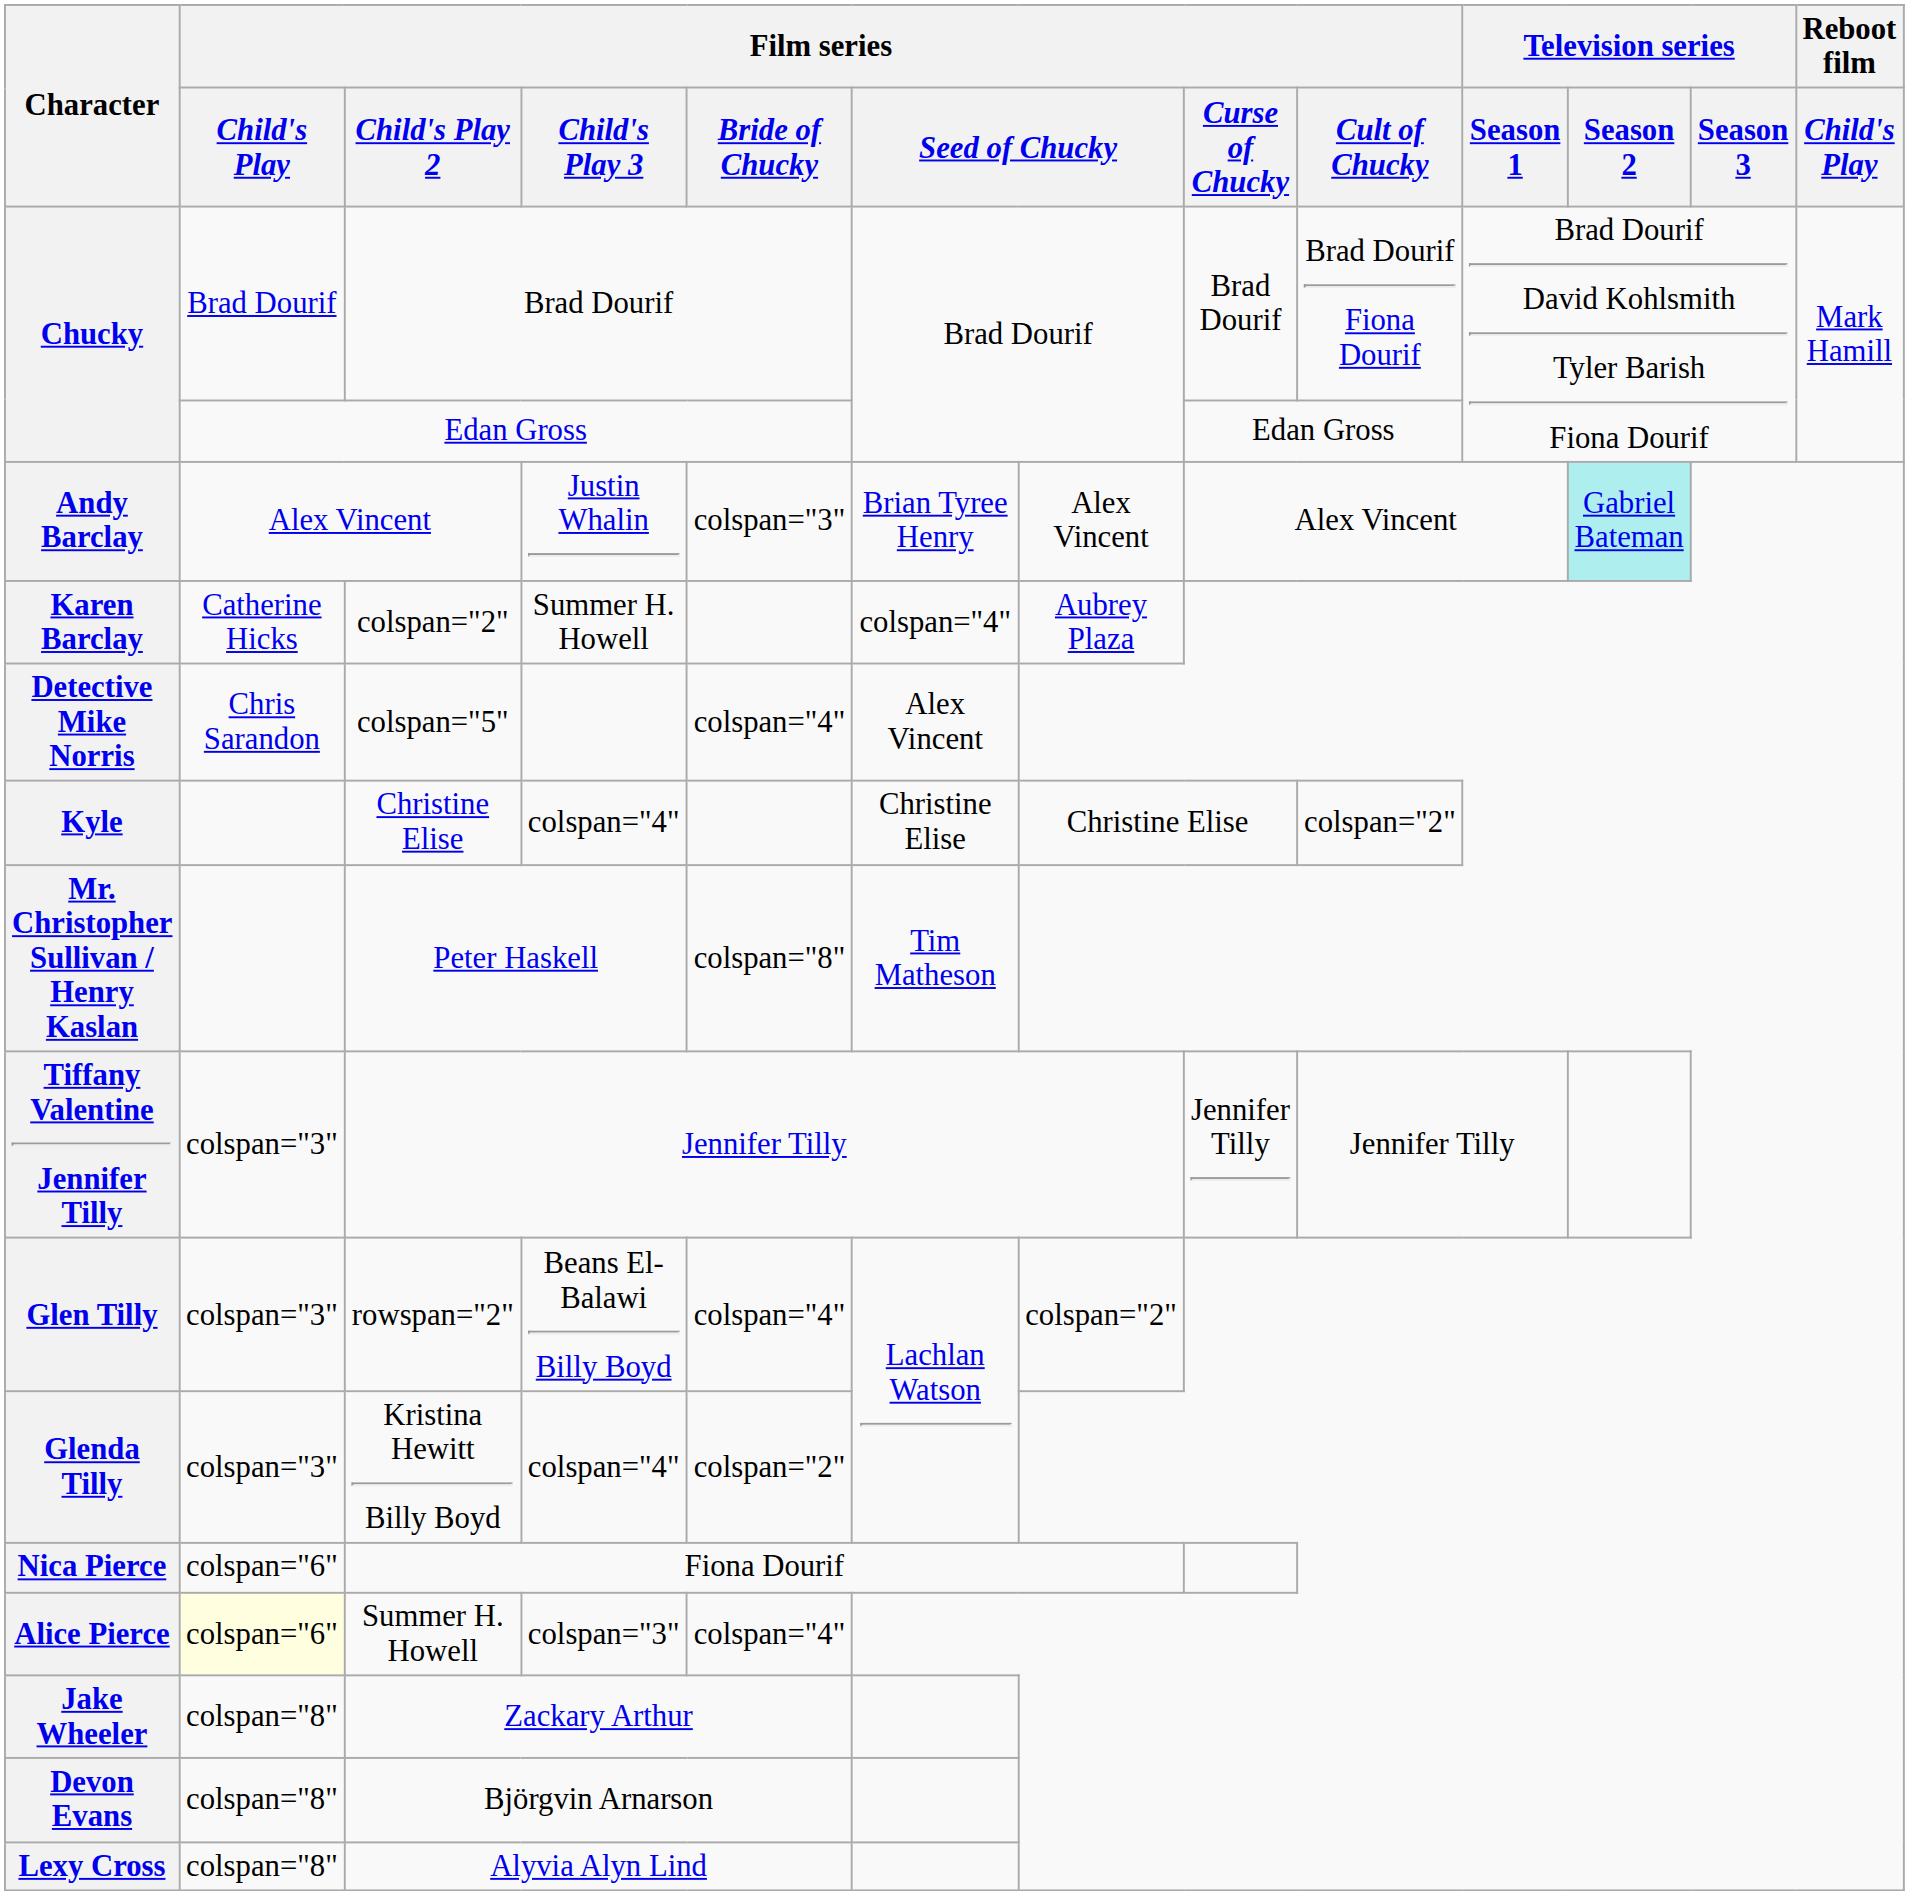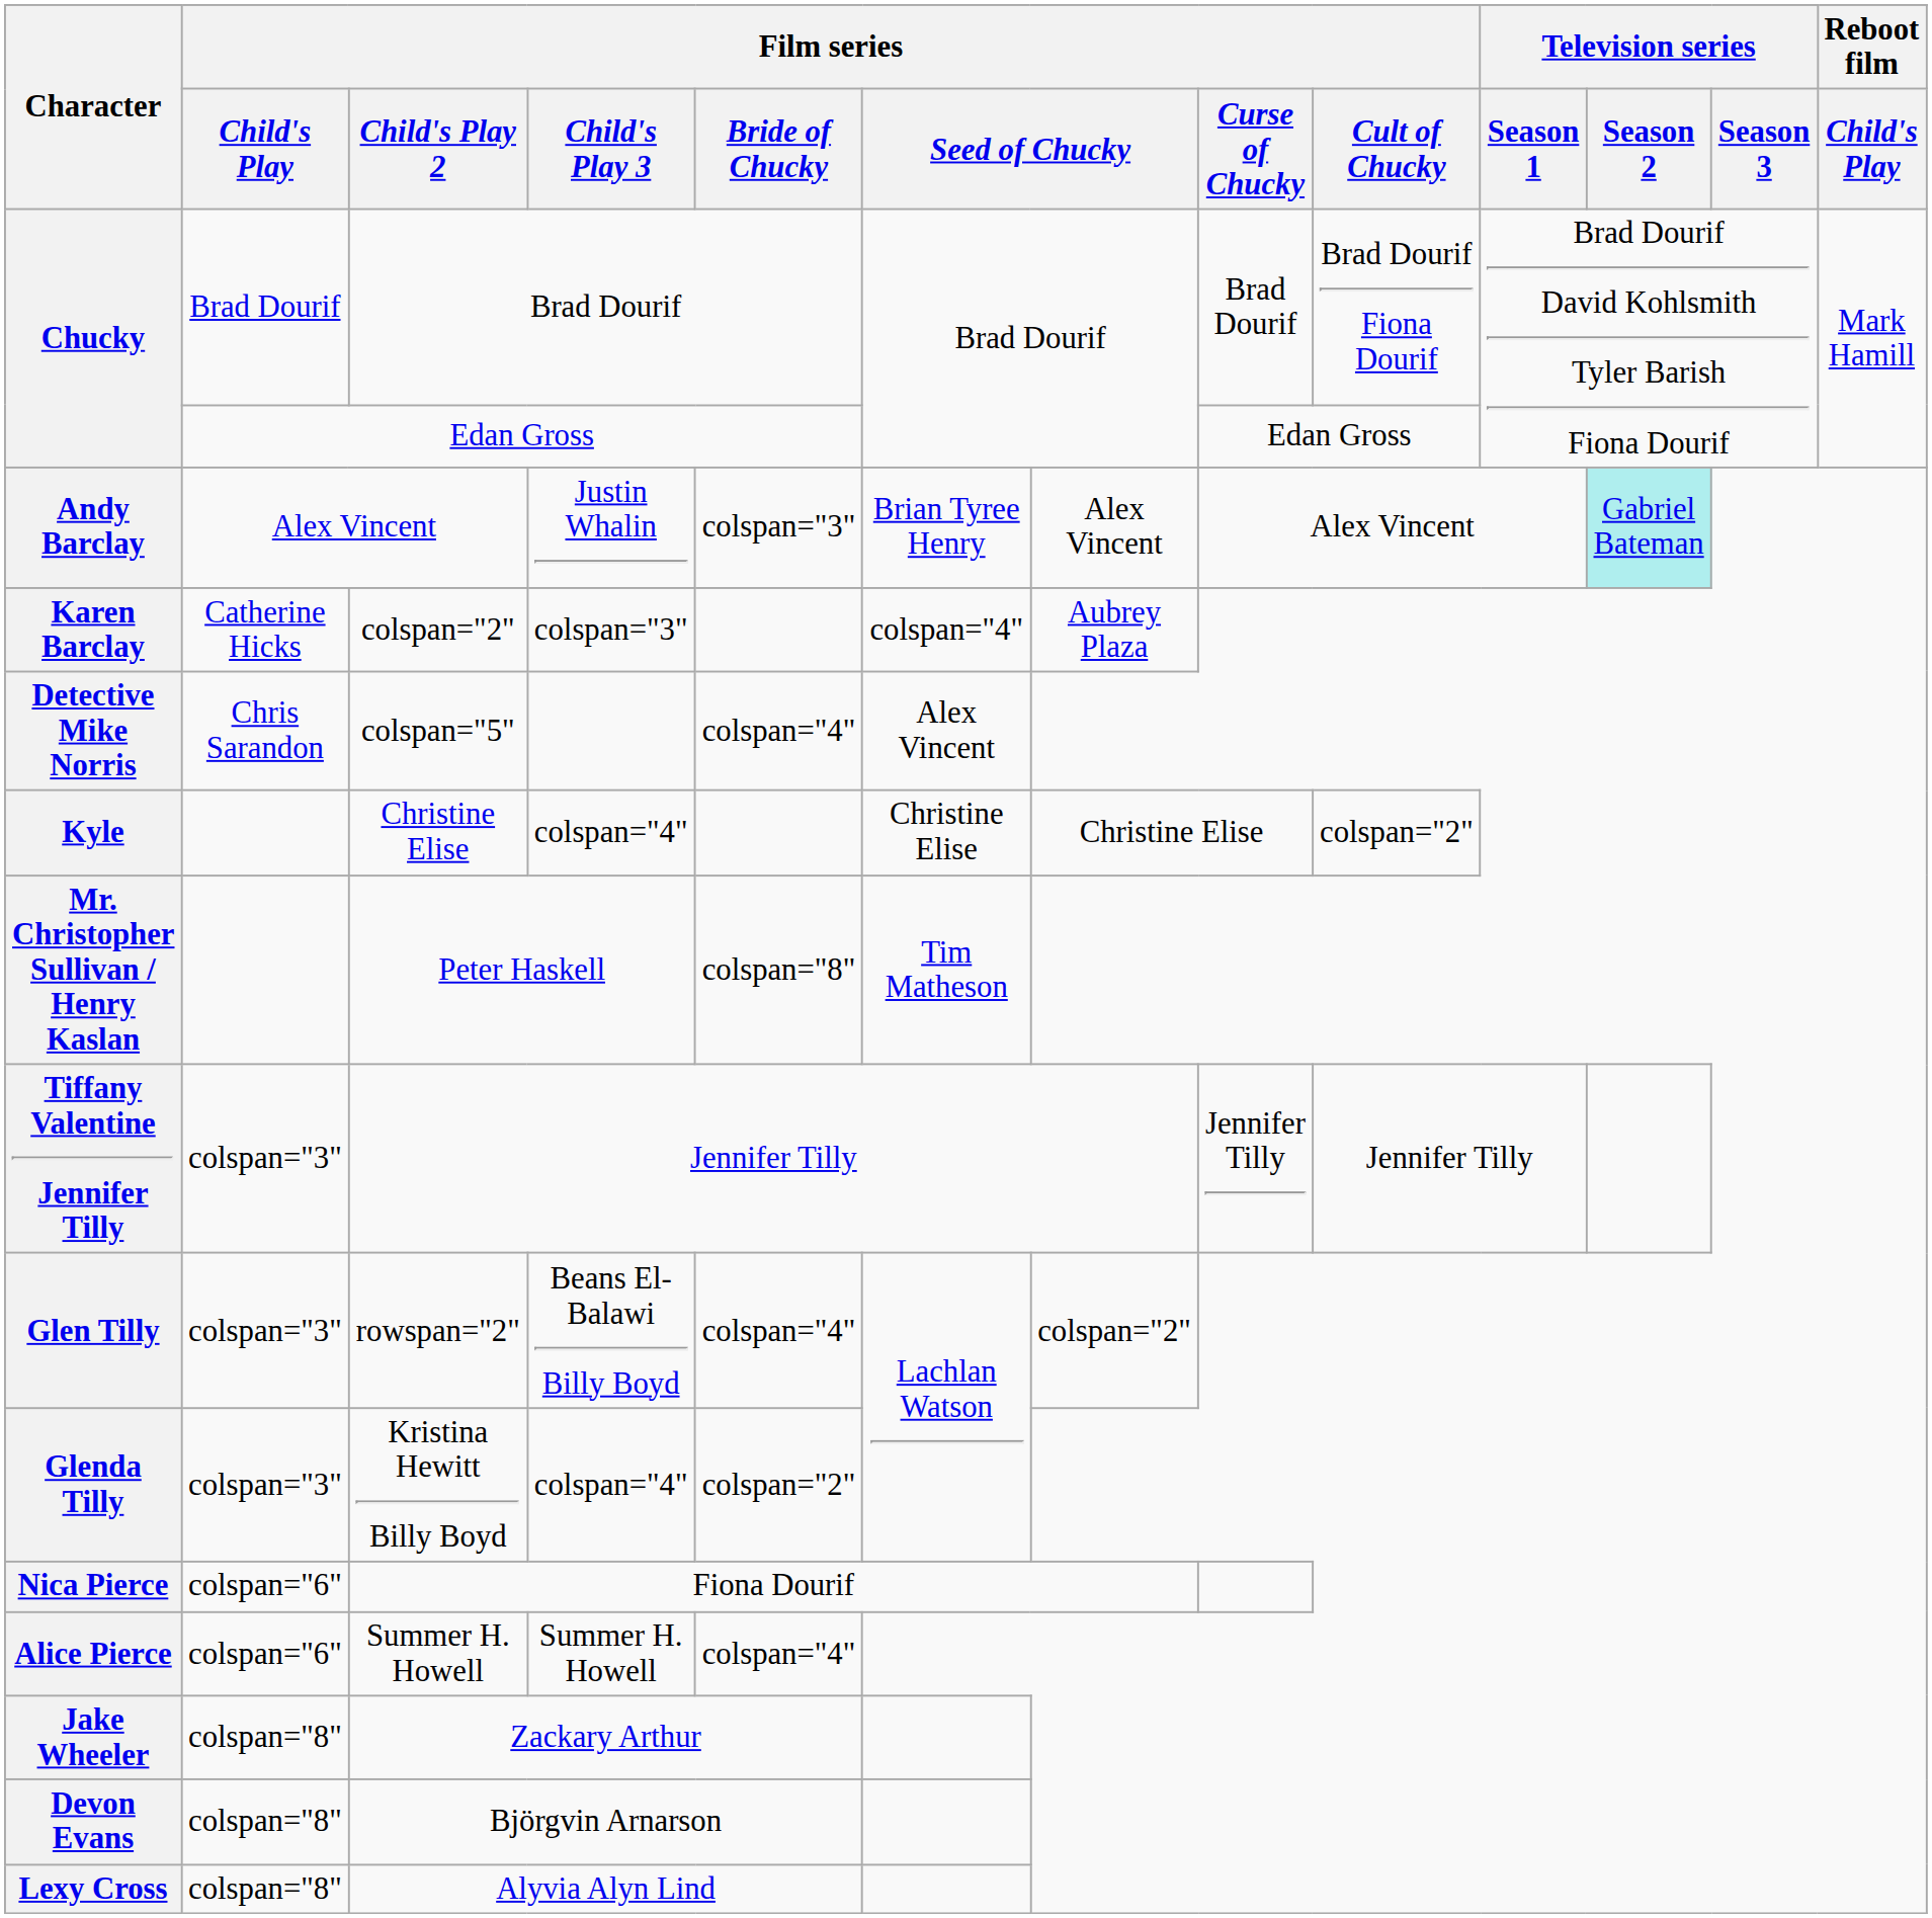 <table class="wikitable" style="text-align:center" width=75%>
 <tr>
 <th rowspan="2" width="12%">Character</th>
 <th colspan="8" align="center">Film series</th>
 <th colspan="3" align="center"><a href='#'>Television series</a></th>
 <th>Reboot film</th>
 </tr>
 <tr>
 <th align="center" width="10%"><strong><em><a href='#'>Child's Play</a></em></strong></th>
 <th align="center" width="9.5%"><strong><em><a href='#'>Child's Play 2</a></em></strong></th>
 <th align="center" width="9.5%"><strong><em><a href='#'>Child's Play 3</a></em></strong></th>
 <th align="center" width="10%"><strong><em><a href='#'>Bride of Chucky</a></em></strong></th>
 <th colspan="2" align="center" width="10%"><strong><em><a href='#'>Seed of Chucky</a></em></strong></th>
 <th align="center" width="11%"><strong><em><a href='#'>Curse of Chucky</a></em></strong></th>
 <th align="center" width="10%"><strong><em><a href='#'>Cult of Chucky</a></em></strong></th>
 <th align="center" width="11.5%"><a href='#'>Season 1</a></th>
 <th align="center" width="11.5%"><a href='#'>Season 2</a></th>
 <th align="center" width="11.5%"><a href='#'>Season 3</a></th>
 <th align="center" width="09%"><strong><em><a href='#'>Child's Play</a></em></strong></th>
 </tr>
 <tr>
 <th rowspan="2"><a href='#'>Chucky</a></th>
 <td><a href='#'>Brad Dourif</a></td>
 <td colspan="3">Brad Dourif</td>
 <td rowspan="2" colspan="2">Brad Dourif</td>
 <td>Brad Dourif</td>
 <td>Brad Dourif<hr><a href='#'>Fiona Dourif</a></td>
 <td rowspan="2" colspan="3">Brad Dourif<hr>David Kohlsmith<hr>Tyler Barish<hr>Fiona Dourif</td>
 <td rowspan="2"><a href='#'>Mark Hamill</a></td>
 </tr>
 <tr>
 <td colspan="4"><a href='#'>Edan Gross</a></td>
 <td colspan="2">Edan Gross</td>
 </tr>
 <tr>
 <th><a href='#'>Andy Barclay</a></th>
 <td colspan="2"><a href='#'>Alex Vincent</a></td>
 <td><a href='#'>Justin Whalin</a><hr></td>
 <td>colspan="3" </td>
 <td><a href='#'>Brian Tyree Henry</a></td>
 <td>Alex Vincent</td>
 <td colspan="3">Alex Vincent</td>
 <td style="background: paleturquoise;"><a href='#'>Gabriel Bateman</a></td>
 </tr>
 <tr>
 <th><a href='#'>Karen Barclay</a></th>
 <td><a href='#'>Catherine Hicks</a></td>
 <td>colspan="2" </td>
-<td>Summer H. Howell</td>
+<td>colspan="3" </td>
 <td></td>
 <td>colspan="4" </td>
 <td><a href='#'>Aubrey Plaza</a></td>
 </tr>
 <tr>
 <th><a href='#'>Detective Mike Norris</a></th>
 <td><a href='#'>Chris Sarandon</a></td>
 <td>colspan="5" </td>
 <td></td>
 <td>colspan="4" </td>
 <td>Alex Vincent</td>
 </tr>
 <tr>
 <th><a href='#'>Kyle</a></th>
 <td></td>
 <td><a href='#'>Christine Elise</a></td>
 <td>colspan="4" </td>
 <td></td>
 <td>Christine Elise</td>
 <td colspan="2">Christine Elise</td>
 <td>colspan="2" </td>
 </tr>
 <tr>
 <th><a href='#'>Mr. Christopher Sullivan / Henry Kaslan</a></th>
 <td></td>
 <td colspan="2"><a href='#'>Peter Haskell</a></td>
 <td>colspan="8" </td>
 <td><a href='#'>Tim Matheson</a></td>
 </tr>
 <tr>
 <th><a href='#'>Tiffany Valentine</a><hr><a href='#'>Jennifer Tilly</a></th>
 <td>colspan="3" </td>
 <td colspan="5"><a href='#'>Jennifer Tilly</a></td>
 <td>Jennifer Tilly<hr></td>
 <td colspan="2">Jennifer Tilly</td>
 <td></td>
 </tr>
 <tr>
 <th><a href='#'>Glen Tilly</a></th>
 <td>colspan="3" </td>
 <td>rowspan="2" </td>
 <td>Beans El-Balawi<hr><a href='#'>Billy Boyd</a></td>
 <td>colspan="4" </td>
 <td rowspan="2"><a href='#'>Lachlan Watson</a><hr></td>
 <td>colspan="2" </td>
 </tr>
 <tr>
 <th><a href='#'>Glenda Tilly</a></th>
 <td>colspan="3" </td>
 <td>Kristina Hewitt<hr>Billy Boyd</td>
 <td>colspan="4" </td>
 <td>colspan="2" </td>
 </tr>
 <tr>
 <th><a href='#'>Nica Pierce</a></th>
 <td>colspan="6" </td>
 <td colspan="5">Fiona Dourif</td>
 <td></td>
 </tr>
 <tr>
 <th><a href='#'>Alice Pierce</a></th>
-<td style="background: lightyellow;">colspan="6" </td>
+<td>colspan="6" </td>
 <td>Summer H. Howell</td>
-<td>colspan="3" </td>
+<td>Summer H. Howell</td>
 <td>colspan="4" </td>
 </tr>
 <tr>
 <th><a href='#'>Jake Wheeler</a></th>
 <td>colspan="8" </td>
 <td colspan="3"><a href='#'>Zackary Arthur</a></td>
 <td></td>
 </tr>
 <tr>
 <th><a href='#'>Devon Evans</a></th>
 <td>colspan="8" </td>
 <td colspan="3">Björgvin Arnarson</td>
 <td></td>
 </tr>
 <tr>
 <th><a href='#'>Lexy Cross</a></th>
 <td>colspan="8" </td>
 <td colspan="3"><a href='#'>Alyvia Alyn Lind</a></td>
 <td></td>
 </tr>
 </table>
